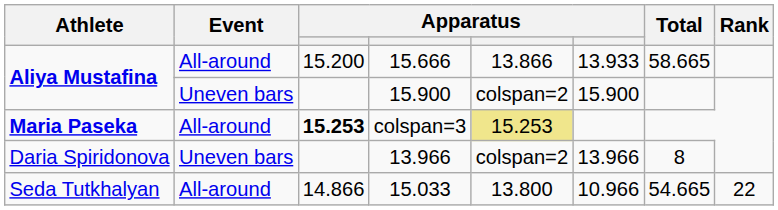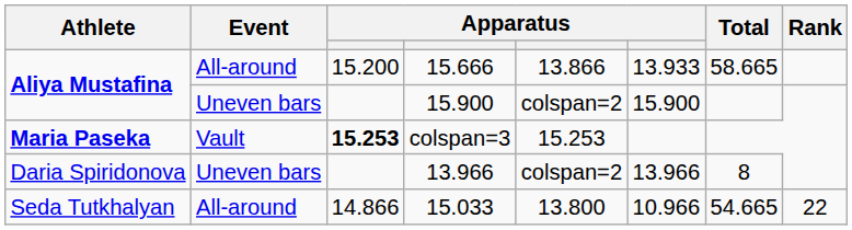 <table class="wikitable" style="font-size:90%">
 <tr>
 <th rowspan=2>Athlete</th>
 <th rowspan=2>Event</th>
 <th colspan=4>Apparatus</th>
 <th rowspan=2>Total</th>
 <th rowspan=2>Rank</th>
 </tr>
 <tr style="font-size:95%">
 <th></th>
 <th></th>
 <th></th>
 <th></th>
 </tr>
 <tr align=center>
 <td align=left rowspan=2><strong><a href='#'>Aliya Mustafina</a></strong></td>
 <td align=left><a href='#'>All-around</a></td>
 <td>15.200</td>
 <td>15.666</td>
 <td>13.866</td>
 <td>13.933</td>
 <td>58.665</td>
 <td></td>
 </tr>
 <tr align=center>
 <td align=left><a href='#'>Uneven bars</a></td>
 <td></td>
 <td>15.900</td>
 <td>colspan=2 </td>
 <td>15.900</td>
 <td></td>
 </tr>
 <tr align=center>
 <td align=left><strong><a href='#'>Maria Paseka</a></strong></td>
-<td align=left><a href='#'>All-around</a></td>
+<td align=left><a href='#'>Vault</a></td>
 <td><strong>15.253</strong></td>
 <td>colspan=3 </td>
-<td style="background: khaki;">15.253</td>
+<td>15.253</td>
 <td></td>
 </tr>
 <tr align=center>
 <td align=left><a href='#'>Daria Spiridonova</a></td>
 <td align=left><a href='#'>Uneven bars</a></td>
 <td></td>
 <td>13.966</td>
 <td>colspan=2 </td>
 <td>13.966</td>
 <td>8</td>
 </tr>
 <tr align=center>
 <td align=left><a href='#'>Seda Tutkhalyan</a></td>
 <td align=left><a href='#'>All-around</a></td>
 <td>14.866</td>
 <td>15.033</td>
 <td>13.800</td>
 <td>10.966</td>
 <td>54.665</td>
 <td>22</td>
 </tr>
 </table>
